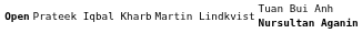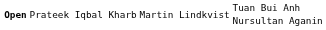 <table>
 <tr>
 <th scope=row rowspan=2>Open</th>
 <td rowspan=2> Prateek Iqbal Kharb</td>
 <td rowspan=2> Martin Lindkvist</td>
 <td> Tuan Bui Anh</td>
 </tr>
 <tr>
-<td><strong> Nursultan Aganin</strong></td>
+<td> Nursultan Aganin</td>
 </tr>
 <tr>
 </tr>
 </table>
